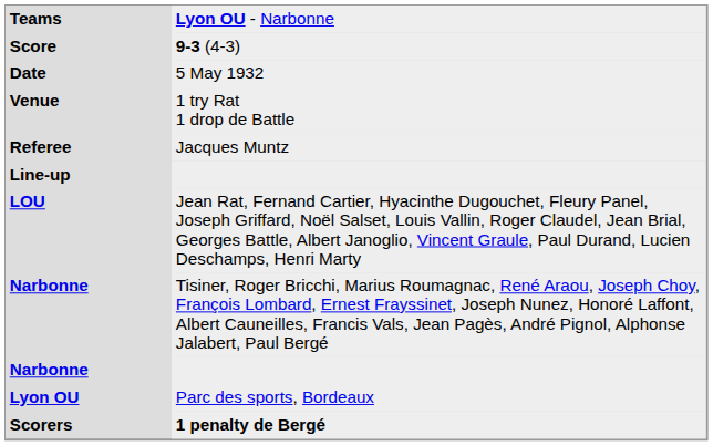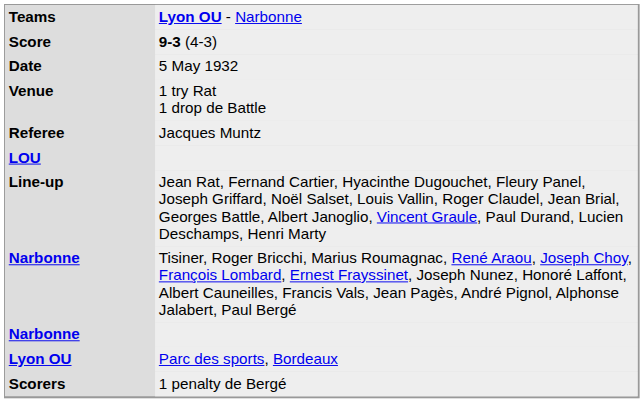 <table align="left" cellpadding="4" cellspacing="0"  style="margin: 0 0 0 0; border: 1px solid #999; border-right-width: 2px; border-bottom-width: 2px; background-color: #DDDDDD">
 <tr>
 <td width="150" valign="top"><strong>Teams</strong></td>
 <td width="500" bgcolor=#EEEEEE><strong><a href='#'>Lyon OU</a></strong> - <a href='#'>Narbonne</a></td>
 </tr>
 <tr>
 <td valign="top"><strong>Score</strong></td>
 <td bgcolor=#EEEEEE><strong>9-3</strong> (4-3)</td>
 </tr>
 <tr>
 <td valign="top"><strong>Date</strong></td>
 <td bgcolor=#EEEEEE>5 May 1932</td>
 </tr>
 <tr>
 <td valign="top"><strong>Venue</strong></td>
 <td bgcolor=#EEEEEE>1 try Rat<br>1 drop de Battle</td>
 </tr>
 <tr>
 <td valign="top"><strong>Referee</strong></td>
 <td bgcolor=#EEEEEE>Jacques Muntz</td>
 </tr>
 <tr>
-<td valign="top"><strong>Line-up</strong></td>
+<td valign="top"><strong><a href='#'>LOU</a> </strong></td>
 <td bgcolor=#EEEEEE></td>
 </tr>
 <tr>
-<td valign="top"><strong><a href='#'>LOU</a> </strong></td>
+<td valign="top"><strong>Line-up</strong></td>
 <td bgcolor=#EEEEEE>Jean Rat, Fernand Cartier, Hyacinthe Dugouchet, Fleury Panel, Joseph Griffard, Noël Salset, Louis Vallin, Roger Claudel, Jean Brial, Georges Battle, Albert Janoglio, <a href='#'>Vincent Graule</a>, Paul Durand, Lucien Deschamps, Henri Marty</td>
 </tr>
 <tr>
 <td valign="top"><strong><a href='#'>Narbonne</a> </strong></td>
 <td bgcolor=#EEEEEE>Tisiner, Roger Bricchi, Marius Roumagnac, <a href='#'>René Araou</a>, <a href='#'>Joseph Choy</a>, <a href='#'>François Lombard</a>, <a href='#'>Ernest Frayssinet</a>, Joseph Nunez, Honoré Laffont, Albert Cauneilles, Francis Vals, Jean Pagès, André Pignol, Alphonse Jalabert, Paul Bergé</td>
 </tr>
 <tr>
 <td valign="top"><strong><a href='#'>Narbonne</a> </strong></td>
 <td bgcolor=#EEEEEE></td>
 </tr>
 <tr>
 <td valign="top"><strong><a href='#'>Lyon OU</a>  </strong></td>
 <td bgcolor=#EEEEEE><a href='#'>Parc des sports</a>,  <a href='#'>Bordeaux</a></td>
 </tr>
 <tr>
 <td valign="top"><strong>Scorers</strong></td>
-<td bgcolor=#EEEEEE><strong>1 penalty de Bergé</strong></td>
+<td bgcolor=#EEEEEE>1 penalty de Bergé</td>
 </tr>
 </table>
